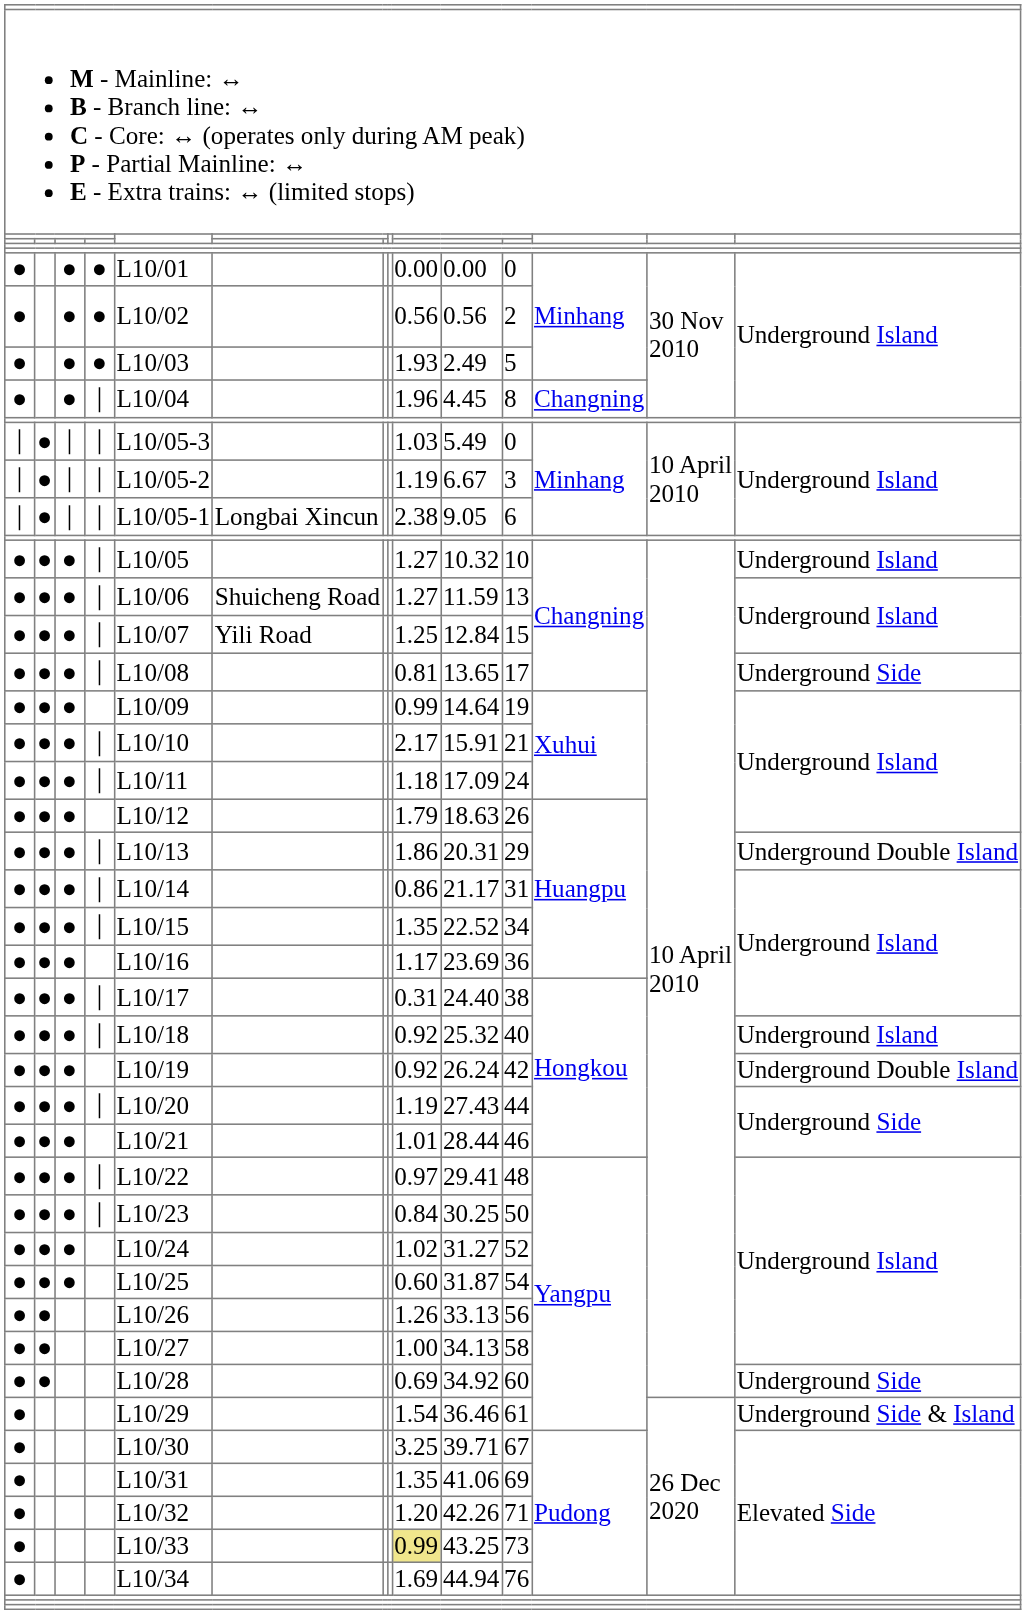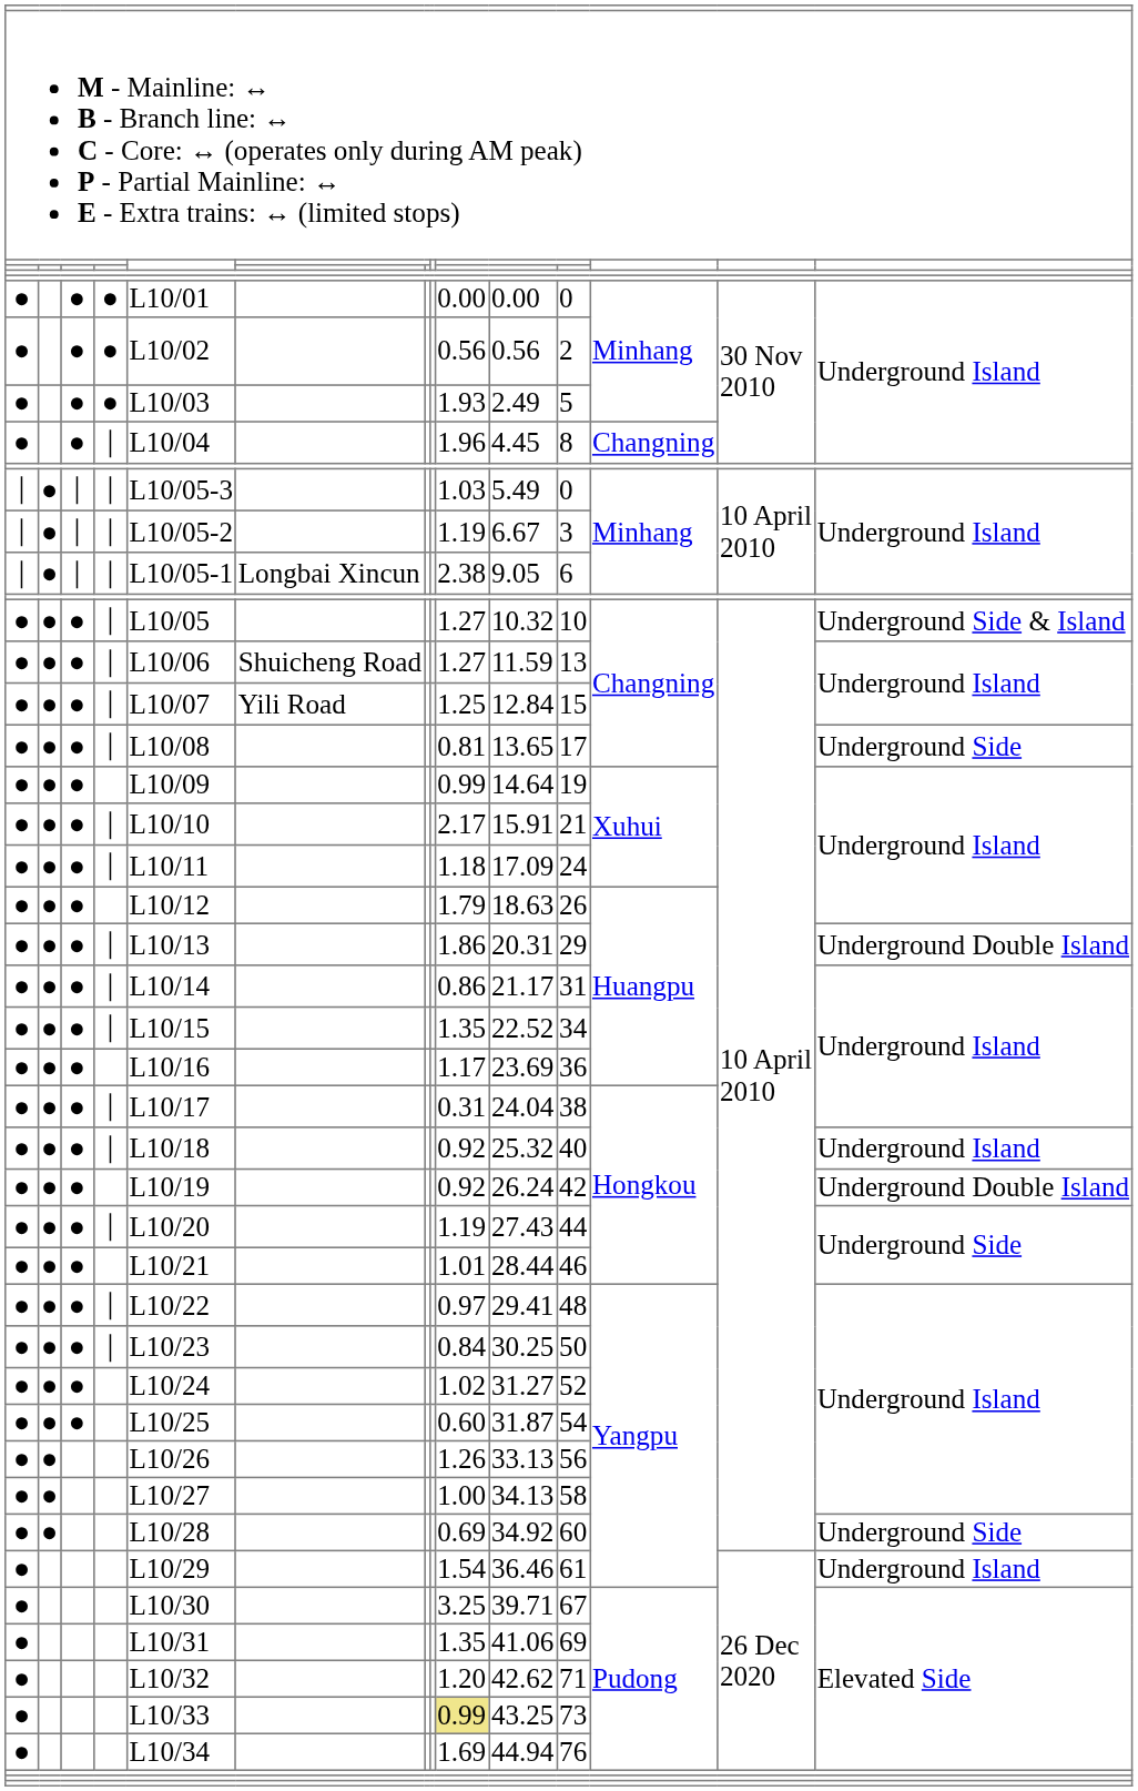 <table class="mw-collapsible" border="1" style="border-collapse: collapse;">
 <tr>
 <th colspan="14" style="text-align: center"></th>
 </tr>
 <tr>
 <td colspan="14" style="text-align: left"><br><ul><li><strong>M</strong> - Mainline:  ↔ </li><li><strong>B</strong> - Branch line:  ↔ </li><li><strong>C</strong> - Core:  ↔  (operates only during AM peak)</li><li><strong>P</strong> - Partial Mainline:  ↔ </li><li><strong>E</strong> - Extra trains:  ↔  (limited stops)</li></ul></td>
 </tr>
 <tr>
 <th rowspan="1" colspan="4"></th>
 <th rowspan="2"></th>
 <th colspan="2"></th>
 <th rowspan="2"></th>
 <th colspan="3" rowspan="1"></th>
 <th rowspan="2"></th>
 <th rowspan="2"></th>
 <th rowspan="2"></th>
 </tr>
 <tr>
 <th rowspan="1"></th>
 <th rowspan="1"></th>
 <th rowspan="1"></th>
 <th rowspan="1"></th>
 <th></th>
 <th></th>
 <th colspan="2"></th>
 <th></th>
 </tr>
 <tr>
 <td colspan="14"></td>
 </tr>
 <tr style="background:#">
 <th colspan="14" style="background:#"></th>
 </tr>
 <tr>
 <td align="center">●</td>
 <td align="center"></td>
 <td align="center">●</td>
 <td align="center">●</td>
 <td>L10/01</td>
 <td></td>
 <td></td>
 <td>  </td>
 <td>0.00</td>
 <td>0.00</td>
 <td>0</td>
 <td rowspan="3"><a href='#'>Minhang</a></td>
 <td rowspan="4">30 Nov<br> 2010</td>
 <td rowspan="4">Underground <a href='#'>Island</a></td>
 </tr>
 <tr>
 <td align="center">●</td>
 <td align="center"></td>
 <td align="center">●</td>
 <td align="center">●</td>
 <td>L10/02</td>
 <td></td>
 <td></td>
 <td><br> <br></td>
 <td>0.56</td>
 <td>0.56</td>
 <td>2</td>
 </tr>
 <tr>
 <td align="center">●</td>
 <td align="center"></td>
 <td align="center">●</td>
 <td align="center">●</td>
 <td>L10/03</td>
 <td></td>
 <td></td>
 <td></td>
 <td>1.93</td>
 <td>2.49</td>
 <td>5</td>
 </tr>
 <tr>
 <td align="center">●</td>
 <td align="center"></td>
 <td align="center">●</td>
 <td align="center">｜</td>
 <td>L10/04</td>
 <td></td>
 <td></td>
 <td></td>
 <td>1.96</td>
 <td>4.45</td>
 <td>8</td>
 <td><a href='#'>Changning</a></td>
 </tr>
 <tr>
 <th colspan="14" style="background:#"></th>
 </tr>
 <tr>
 <td align="center">｜</td>
 <td align="center">●</td>
 <td align="center">｜</td>
 <td align="center">｜</td>
 <td>L10/05-3</td>
 <td></td>
 <td></td>
 <td></td>
 <td>1.03</td>
 <td>5.49</td>
 <td>0</td>
 <td rowspan="3"><a href='#'>Minhang</a></td>
 <td rowspan="3">10 April<br> 2010</td>
 <td rowspan="3">Underground <a href='#'>Island</a></td>
 </tr>
 <tr>
 <td align="center">｜</td>
 <td align="center">●</td>
 <td align="center">｜</td>
 <td align="center">｜</td>
 <td>L10/05-2</td>
 <td></td>
 <td></td>
 <td></td>
 <td>1.19</td>
 <td>6.67</td>
 <td>3</td>
 </tr>
 <tr>
 <td align="center">｜</td>
 <td align="center">●</td>
 <td align="center">｜</td>
 <td align="center">｜</td>
 <td>L10/05-1</td>
 <td>Longbai Xincun</td>
 <td></td>
 <td></td>
 <td>2.38</td>
 <td>9.05</td>
 <td>6</td>
 </tr>
 <tr>
 <th colspan="14" style="background:#"></th>
 </tr>
 <tr>
 <td align="center">●</td>
 <td align="center">●</td>
 <td align="center">●</td>
 <td align="center">｜</td>
 <td>L10/05</td>
 <td></td>
 <td></td>
 <td></td>
 <td>1.27</td>
 <td>10.32</td>
 <td>10</td>
 <td rowspan="4"><a href='#'>Changning</a></td>
 <td rowspan="24">10 April<br> 2010</td>
-<td>Underground <a href='#'>Island</a></td>
+<td>Underground <a href='#'>Side</a> & <a href='#'>Island</a></td>
 </tr>
 <tr>
 <td align="center">●</td>
 <td align="center">●</td>
 <td align="center">●</td>
 <td align="center">｜</td>
 <td>L10/06</td>
 <td>Shuicheng Road</td>
 <td></td>
 <td></td>
 <td>1.27</td>
 <td>11.59</td>
 <td>13</td>
 <td rowspan="2">Underground <a href='#'>Island</a></td>
 </tr>
 <tr>
 <td align="center">●</td>
 <td align="center">●</td>
 <td align="center">●</td>
 <td align="center">｜</td>
 <td>L10/07</td>
 <td>Yili Road</td>
 <td></td>
 <td></td>
 <td>1.25</td>
 <td>12.84</td>
 <td>15</td>
 </tr>
 <tr>
 <td align="center">●</td>
 <td align="center">●</td>
 <td align="center">●</td>
 <td align="center">｜</td>
 <td>L10/08</td>
 <td></td>
 <td></td>
 <td></td>
 <td>0.81</td>
 <td>13.65</td>
 <td>17</td>
 <td>Underground <a href='#'>Side</a></td>
 </tr>
 <tr>
 <td align="center">●</td>
 <td align="center">●</td>
 <td align="center">●</td>
 <td align="center"></td>
 <td>L10/09</td>
 <td></td>
 <td></td>
 <td> </td>
 <td>0.99</td>
 <td>14.64</td>
 <td>19</td>
 <td rowspan="3"><a href='#'>Xuhui</a></td>
 <td rowspan="4">Underground <a href='#'>Island</a></td>
 </tr>
 <tr>
 <td align="center">●</td>
 <td align="center">●</td>
 <td align="center">●</td>
 <td align="center">｜</td>
 <td>L10/10</td>
 <td></td>
 <td></td>
 <td></td>
 <td>2.17</td>
 <td>15.91</td>
 <td>21</td>
 </tr>
 <tr>
 <td align="center">●</td>
 <td align="center">●</td>
 <td align="center">●</td>
 <td align="center">｜</td>
 <td>L10/11</td>
 <td></td>
 <td></td>
 <td></td>
 <td>1.18</td>
 <td>17.09</td>
 <td>24</td>
 </tr>
 <tr>
 <td align="center">●</td>
 <td align="center">●</td>
 <td align="center">●</td>
 <td align="center"></td>
 <td>L10/12</td>
 <td></td>
 <td></td>
 <td> </td>
 <td>1.79</td>
 <td>18.63</td>
 <td>26</td>
 <td rowspan="5"><a href='#'>Huangpu</a></td>
 </tr>
 <tr>
 <td align="center">●</td>
 <td align="center">●</td>
 <td align="center">●</td>
 <td align="center">｜</td>
 <td>L10/13</td>
 <td></td>
 <td></td>
 <td></td>
 <td>1.86</td>
 <td>20.31</td>
 <td>29</td>
 <td>Underground Double <a href='#'>Island</a></td>
 </tr>
 <tr>
 <td align="center">●</td>
 <td align="center">●</td>
 <td align="center">●</td>
 <td align="center">｜</td>
 <td>L10/14</td>
 <td></td>
 <td></td>
 <td></td>
 <td>0.86</td>
 <td>21.17</td>
 <td>31</td>
 <td rowspan="4">Underground <a href='#'>Island</a></td>
 </tr>
 <tr>
 <td align="center">●</td>
 <td align="center">●</td>
 <td align="center">●</td>
 <td align="center">｜</td>
 <td>L10/15</td>
 <td></td>
 <td></td>
 <td></td>
 <td>1.35</td>
 <td>22.52</td>
 <td>34</td>
 </tr>
 <tr>
 <td align="center">●</td>
 <td align="center">●</td>
 <td align="center">●</td>
 <td align="center"></td>
 <td>L10/16</td>
 <td></td>
 <td></td>
 <td></td>
 <td>1.17</td>
 <td>23.69</td>
 <td>36</td>
 </tr>
 <tr>
 <td align="center">●</td>
 <td align="center">●</td>
 <td align="center">●</td>
 <td align="center">｜</td>
 <td>L10/17</td>
 <td></td>
 <td></td>
 <td></td>
 <td>0.31</td>
-<td>24.40</td>
+<td>24.04</td>
 <td>38</td>
 <td rowspan="5"><a href='#'>Hongkou</a></td>
 </tr>
 <tr>
 <td align="center">●</td>
 <td align="center">●</td>
 <td align="center">●</td>
 <td align="center">｜</td>
 <td>L10/18</td>
 <td></td>
 <td></td>
 <td></td>
 <td>0.92</td>
 <td>25.32</td>
 <td>40</td>
 <td>Underground <a href='#'>Island</a></td>
 </tr>
 <tr>
 <td align="center">●</td>
 <td align="center">●</td>
 <td align="center">●</td>
 <td align="center"></td>
 <td>L10/19</td>
 <td></td>
 <td></td>
 <td></td>
 <td>0.92</td>
 <td>26.24</td>
 <td>42</td>
 <td>Underground Double <a href='#'>Island</a></td>
 </tr>
 <tr>
 <td align="center">●</td>
 <td align="center">●</td>
 <td align="center">●</td>
 <td align="center">｜</td>
 <td>L10/20</td>
 <td></td>
 <td></td>
 <td></td>
 <td>1.19</td>
 <td>27.43</td>
 <td>44</td>
 <td rowspan="2">Underground <a href='#'>Side</a></td>
 </tr>
 <tr>
 <td align="center">●</td>
 <td align="center">●</td>
 <td align="center">●</td>
 <td align="center"></td>
 <td>L10/21</td>
 <td></td>
 <td></td>
 <td></td>
 <td>1.01</td>
 <td>28.44</td>
 <td>46</td>
 </tr>
 <tr>
 <td align="center">●</td>
 <td align="center">●</td>
 <td align="center">●</td>
 <td align="center">｜</td>
 <td>L10/22</td>
 <td></td>
 <td></td>
 <td></td>
 <td>0.97</td>
 <td>29.41</td>
 <td>48</td>
 <td rowspan="8"><a href='#'>Yangpu</a></td>
 <td rowspan="6">Underground <a href='#'>Island</a></td>
 </tr>
 <tr>
 <td align="center">●</td>
 <td align="center">●</td>
 <td align="center">●</td>
 <td align="center">｜</td>
 <td>L10/23</td>
 <td></td>
 <td></td>
 <td></td>
 <td>0.84</td>
 <td>30.25</td>
 <td>50</td>
 </tr>
 <tr>
 <td align="center">●</td>
 <td align="center">●</td>
 <td align="center">●</td>
 <td align="center"></td>
 <td>L10/24</td>
 <td></td>
 <td></td>
 <td></td>
 <td>1.02</td>
 <td>31.27</td>
 <td>52</td>
 </tr>
 <tr>
 <td align="center">●</td>
 <td align="center">●</td>
 <td align="center">●</td>
 <td align="center"></td>
 <td>L10/25</td>
 <td></td>
 <td></td>
 <td></td>
 <td>0.60</td>
 <td>31.87</td>
 <td>54</td>
 </tr>
 <tr>
 <td align="center">●</td>
 <td align="center">●</td>
 <td align="center"></td>
 <td align="center"></td>
 <td>L10/26</td>
 <td></td>
 <td></td>
 <td></td>
 <td>1.26</td>
 <td>33.13</td>
 <td>56</td>
 </tr>
 <tr>
 <td align="center">●</td>
 <td align="center">●</td>
 <td align="center"></td>
 <td align="center"></td>
 <td>L10/27</td>
 <td></td>
 <td></td>
 <td></td>
 <td>1.00</td>
 <td>34.13</td>
 <td>58</td>
 </tr>
 <tr>
 <td align="center">●</td>
 <td align="center">●</td>
 <td align="center"></td>
 <td align="center"></td>
 <td>L10/28</td>
 <td></td>
 <td></td>
 <td></td>
 <td>0.69</td>
 <td>34.92</td>
 <td>60</td>
 <td>Underground <a href='#'>Side</a></td>
 </tr>
 <tr>
 <td align="center">●</td>
 <td align="center"></td>
 <td align="center"></td>
 <td align="center"></td>
 <td>L10/29</td>
 <td></td>
 <td></td>
 <td></td>
 <td>1.54</td>
 <td>36.46</td>
 <td>61</td>
 <td rowspan="6">26 Dec<br> 2020</td>
-<td>Underground <a href='#'>Side</a> & <a href='#'>Island</a></td>
+<td>Underground <a href='#'>Island</a></td>
 </tr>
 <tr>
 <td align="center">●</td>
 <td align="center"></td>
 <td align="center"></td>
 <td align="center"></td>
 <td>L10/30</td>
 <td></td>
 <td></td>
 <td></td>
 <td>3.25</td>
 <td>39.71</td>
 <td>67</td>
 <td rowspan="5"><a href='#'>Pudong</a></td>
 <td rowspan="5">Elevated <a href='#'>Side</a></td>
 </tr>
 <tr>
 <td align="center">●</td>
 <td align="center"></td>
 <td align="center"></td>
 <td align="center"></td>
 <td>L10/31</td>
 <td></td>
 <td></td>
 <td></td>
 <td>1.35</td>
 <td>41.06</td>
 <td>69</td>
 </tr>
 <tr>
 <td align="center">●</td>
 <td align="center"></td>
 <td align="center"></td>
 <td align="center"></td>
 <td>L10/32</td>
 <td></td>
 <td></td>
 <td></td>
 <td>1.20</td>
-<td>42.26</td>
+<td>42.62</td>
 <td>71</td>
 </tr>
 <tr>
 <td align="center">●</td>
 <td align="center"></td>
 <td align="center"></td>
 <td align="center"></td>
 <td>L10/33</td>
 <td></td>
 <td></td>
 <td></td>
 <td style="background: khaki;">0.99</td>
 <td>43.25</td>
 <td>73</td>
 </tr>
 <tr>
 <td align="center">●</td>
 <td align="center"></td>
 <td align="center"></td>
 <td align="center"></td>
 <td>L10/34</td>
 <td></td>
 <td></td>
 <td></td>
 <td>1.69</td>
 <td>44.94</td>
 <td>76</td>
 </tr>
 <tr style="background:#">
 <td colspan="14"></td>
 </tr>
 <tr>
 <td colspan="14"></td>
 </tr>
 <tr style="background: #">
 <td colspan="14"></td>
 </tr>
 </table>
